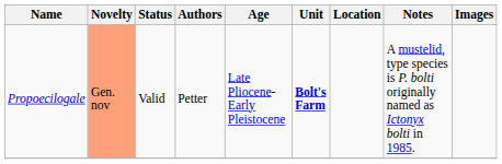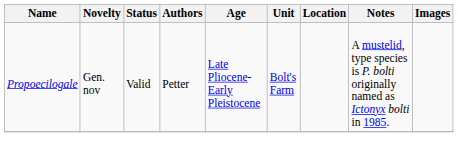 <table class="wikitable sortable" align="center" width="100%">
 <tr>
 <th>Name</th>
 <th>Novelty</th>
 <th>Status</th>
 <th>Authors</th>
 <th>Age</th>
 <th>Unit</th>
 <th>Location</th>
 <th class="unsortable">Notes</th>
 <th class="unsortable">Images</th>
 </tr>
 <tr>
 <td><br><em><a href='#'>Propoecilogale</a></em></td>
-<td style="background: lightsalmon;"><br>Gen. nov</td>
+<td><br>Gen. nov</td>
 <td><br>Valid</td>
 <td><br>Petter</td>
 <td><br><a href='#'>Late Pliocene</a>-<a href='#'>Early Pleistocene</a></td>
-<td><strong><br><a href='#'>Bolt's Farm</a></strong></td>
+<td><br><a href='#'>Bolt's Farm</a></td>
 <td><br></td>
 <td><br>A <a href='#'>mustelid</a>, type species is <em>P. bolti</em> originally named as <em><a href='#'>Ictonyx</a> bolti</em> in <a href='#'>1985</a>.</td>
 <td></td>
 </tr>
 <tr>
 </tr>
 </table>
